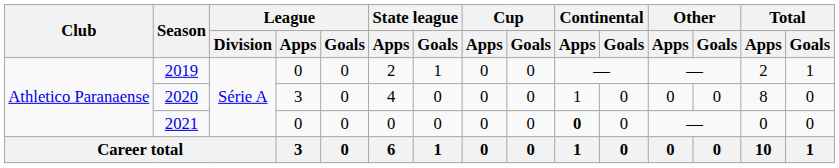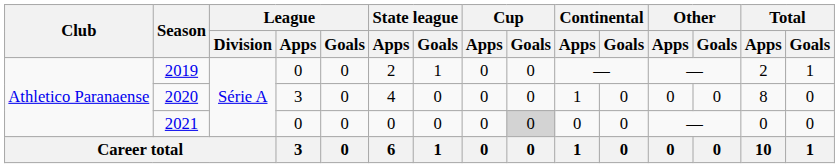 <table class="wikitable" style="text-align: center">
 <tr>
 <th rowspan="2">Club</th>
 <th rowspan="2">Season</th>
 <th colspan="3">League</th>
 <th colspan="2">State league</th>
 <th colspan="2">Cup</th>
 <th colspan="2">Continental</th>
 <th colspan="2">Other</th>
 <th colspan="2">Total</th>
 </tr>
 <tr>
 <th>Division</th>
 <th>Apps</th>
 <th>Goals</th>
 <th>Apps</th>
 <th>Goals</th>
 <th>Apps</th>
 <th>Goals</th>
 <th>Apps</th>
 <th>Goals</th>
 <th>Apps</th>
 <th>Goals</th>
 <th>Apps</th>
 <th>Goals</th>
 </tr>
 <tr>
 <td rowspan="3"><a href='#'>Athletico Paranaense</a></td>
 <td><a href='#'>2019</a></td>
 <td rowspan="3"><a href='#'>Série A</a></td>
 <td>0</td>
 <td>0</td>
 <td>2</td>
 <td>1</td>
 <td>0</td>
 <td>0</td>
 <td colspan="2">—</td>
 <td colspan="2">—</td>
 <td>2</td>
 <td>1</td>
 </tr>
 <tr>
 <td><a href='#'>2020</a></td>
 <td>3</td>
 <td>0</td>
 <td>4</td>
 <td>0</td>
 <td>0</td>
 <td>0</td>
 <td>1</td>
 <td>0</td>
 <td>0</td>
 <td>0</td>
 <td>8</td>
 <td>0</td>
 </tr>
 <tr>
 <td><a href='#'>2021</a></td>
 <td>0</td>
 <td>0</td>
 <td>0</td>
 <td>0</td>
 <td>0</td>
+<td style="background: lightgrey;">0</td>
 <td>0</td>
-<td><strong>0</strong></td>
 <td>0</td>
 <td colspan="2">—</td>
 <td>0</td>
 <td>0</td>
 </tr>
 <tr>
 <th colspan="3"><strong>Career total</strong></th>
 <th>3</th>
 <th>0</th>
 <th>6</th>
 <th>1</th>
 <th>0</th>
 <th>0</th>
 <th>1</th>
 <th>0</th>
 <th>0</th>
 <th>0</th>
 <th>10</th>
 <th>1</th>
 </tr>
 </table>
